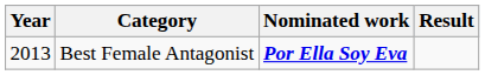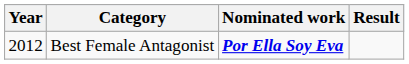 <table class="wikitable">
 <tr style="background:#b0c4de;">
 <th>Year</th>
 <th>Category</th>
 <th>Nominated work</th>
 <th>Result</th>
 </tr>
 <tr>
-<td>2013</td>
+<td>2012</td>
 <td>Best Female Antagonist</td>
 <td><strong><em><a href='#'>Por Ella Soy Eva</a></em></strong></td>
 <td></td>
 </tr>
 </table>
